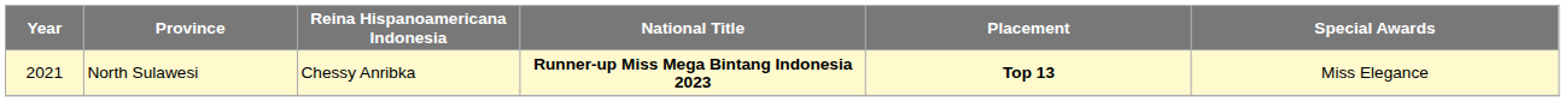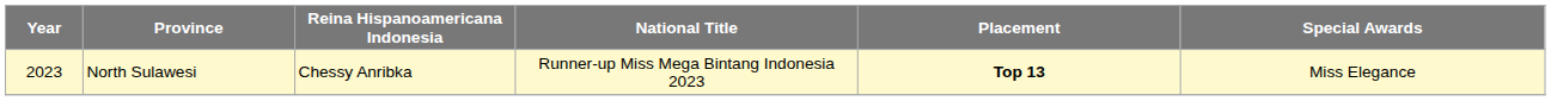 <table class="wikitable sortable" style="font-size: 83%; text-align:center">
 <tr>
 <th width="60" style="background-color:#787878;color:#FFFFFF;">Year</th>
 <th width="180" style="background-color:#787878;color:#FFFFFF;">Province</th>
 <th width="180" style="background-color:#787878;color:#FFFFFF;">Reina Hispanoamericana Indonesia</th>
 <th width="300" style="background-color:#787878;color:#FFFFFF;">National Title</th>
 <th width="280" style="background-color:#787878;color:#FFFFFF;">Placement</th>
 <th width="320" style="background-color:#787878;color:#FFFFFF;">Special Awards</th>
 </tr>
 <tr style="background:#FFFACD">
-<td>2021</td>
+<td>2023</td>
 <td align="left">North Sulawesi</td>
 <td align="left">Chessy Anribka</td>
-<td><strong>Runner-up Miss Mega Bintang Indonesia 2023</strong></td>
+<td>Runner-up Miss Mega Bintang Indonesia 2023</td>
 <td><strong>Top 13</strong></td>
 <td>Miss Elegance</td>
 </tr>
 <tr>
 </tr>
 </table>
